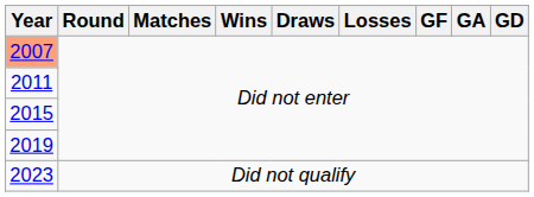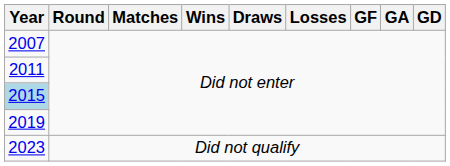 <table class="wikitable" style="text-align: center;">
 <tr>
 <th>Year</th>
 <th>Round</th>
 <th>Matches</th>
 <th>Wins</th>
 <th>Draws</th>
 <th>Losses</th>
 <th>GF</th>
 <th>GA</th>
 <th>GD</th>
 </tr>
 <tr>
-<td style="background: lightsalmon;"> <a href='#'>2007</a></td>
+<td> <a href='#'>2007</a></td>
 <td colspan=8 rowspan= 4><em>Did not enter </em></td>
 </tr>
 <tr>
 <td> <a href='#'>2011</a></td>
 </tr>
 <tr>
-<td> <a href='#'>2015</a></td>
+<td style="background: lightblue;"> <a href='#'>2015</a></td>
 </tr>
 <tr>
 <td> <a href='#'>2019</a></td>
 </tr>
 <tr>
 <td> <a href='#'>2023</a></td>
 <td colspan=8><em>Did not qualify</em></td>
 </tr>
 </table>
